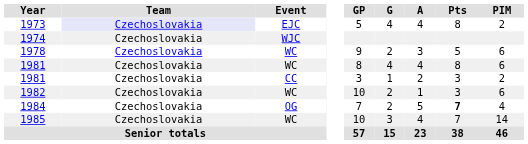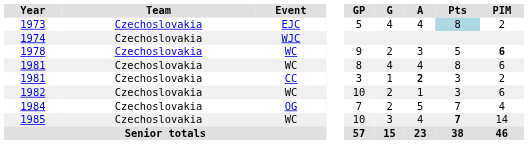 <table border="0" cellpadding="1" cellspacing="0" style="text-align:center; width:50em">
 <tr ALIGN="center" bgcolor="#e0e0e0">
 <th>Year</th>
 <th>Team</th>
 <th>Event</th>
 <th rowspan="99" bgcolor="#ffffff"> </th>
 <th>GP</th>
 <th>G</th>
 <th>A</th>
 <th>Pts</th>
 <th>PIM</th>
 </tr>
 <tr>
 <td><a href='#'>1973</a></td>
-<td style="background: lavender;"><a href='#'>Czechoslovakia</a></td>
+<td><a href='#'>Czechoslovakia</a></td>
 <td><a href='#'>EJC</a></td>
 <td>5</td>
 <td>4</td>
 <td>4</td>
-<td>8</td>
+<td style="background: lightblue;">8</td>
 <td>2</td>
 </tr>
 <tr bgcolor="#f0f0f0">
 <td><a href='#'>1974</a></td>
 <td>Czechoslovakia</td>
 <td><a href='#'>WJC</a></td>
 <td></td>
 <td></td>
 <td></td>
 <td></td>
 <td></td>
 </tr>
 <tr>
 <td><a href='#'>1978</a></td>
 <td><a href='#'>Czechoslovakia</a></td>
 <td><a href='#'>WC</a></td>
 <td>9</td>
 <td>2</td>
 <td>3</td>
 <td>5</td>
-<td>6</td>
+<td><strong>6</strong></td>
 </tr>
 <tr bgcolor="#f0f0f0">
 <td><a href='#'>1981</a></td>
 <td>Czechoslovakia</td>
 <td>WC</td>
 <td>8</td>
 <td>4</td>
 <td>4</td>
 <td>8</td>
 <td>6</td>
 </tr>
 <tr>
 <td><a href='#'>1981</a></td>
 <td>Czechoslovakia</td>
 <td><a href='#'>CC</a></td>
 <td>3</td>
 <td>1</td>
-<td>2</td>
+<td><strong>2</strong></td>
 <td>3</td>
 <td>2</td>
 </tr>
 <tr bgcolor="#f0f0f0">
 <td><a href='#'>1982</a></td>
 <td>Czechoslovakia</td>
 <td>WC</td>
 <td>10</td>
 <td>2</td>
 <td>1</td>
 <td>3</td>
 <td>6</td>
 </tr>
 <tr>
 <td><a href='#'>1984</a></td>
 <td>Czechoslovakia</td>
 <td><a href='#'>OG</a></td>
 <td>7</td>
 <td>2</td>
 <td>5</td>
-<td><strong>7</strong></td>
+<td>7</td>
 <td>4</td>
 </tr>
 <tr bgcolor="#f0f0f0">
 <td><a href='#'>1985</a></td>
 <td>Czechoslovakia</td>
 <td>WC</td>
 <td>10</td>
 <td>3</td>
 <td>4</td>
-<td>7</td>
+<td><strong>7</strong></td>
 <td>14</td>
 </tr>
 <tr bgcolor="#e0e0e0">
 <th colspan=3>Senior totals</th>
 <th>57</th>
 <th>15</th>
 <th>23</th>
 <th>38</th>
 <th>46</th>
 </tr>
 </table>
